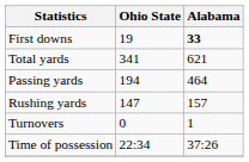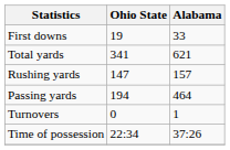 <table class="wikitable" style="float: left;">
 <tr>
 <th>Statistics</th>
 <th>Ohio State</th>
 <th>Alabama</th>
 </tr>
 <tr>
 <td>First downs</td>
 <td>19</td>
-<td><strong>33</strong></td>
+<td>33</td>
 </tr>
 <tr>
 <td>Total yards</td>
 <td>341</td>
 <td>621</td>
 </tr>
 <tr>
+<td>Rushing yards</td>
+<td>147</td>
+<td>157</td>
+</tr>
+<tr>
 <td>Passing yards</td>
 <td>194</td>
 <td>464</td>
-</tr>
-<tr>
-<td>Rushing yards</td>
-<td>147</td>
-<td>157</td>
 </tr>
 <tr>
 <td>Turnovers</td>
 <td>0</td>
 <td>1</td>
 </tr>
 <tr>
 <td>Time of possession</td>
 <td>22:34</td>
 <td>37:26</td>
 </tr>
 <tr>
 </tr>
 </table>
